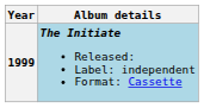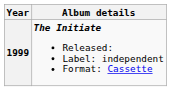 <table class="wikitable plainrowheaders" style="text-align:center;">
 <tr>
 <th>Year</th>
 <th>Album details</th>
 </tr>
 <tr>
 <th scope="row">1999</th>
-<td align=left style="background: lightblue;"><strong><em>The Initiate</em></strong><br><ul><li>Released: </li><li>Label: independent</li><li>Format: <a href='#'>Cassette</a></li></ul></td>
+<td align=left><strong><em>The Initiate</em></strong><br><ul><li>Released: </li><li>Label: independent</li><li>Format: <a href='#'>Cassette</a></li></ul></td>
 </tr>
 </table>
